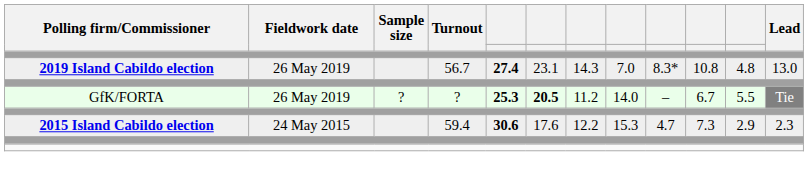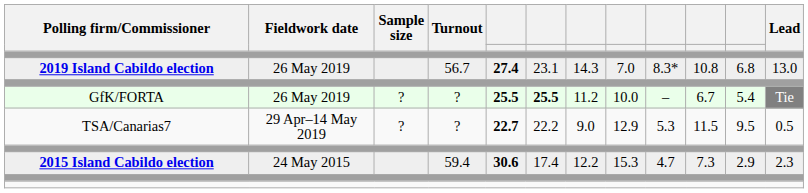 <table class="wikitable collapsible collapsed" style="text-align:center; font-size:95%; line-height:16px;">
 <tr style="height:42px;">
 <th style="width:250px;" rowspan="2">Polling firm/Commissioner</th>
 <th style="width:125px;" rowspan="2">Fieldwork date</th>
 <th style="width:50px;" rowspan="2">Sample size</th>
 <th style="width:45px;" rowspan="2">Turnout</th>
 <th style="width:35px;"></th>
 <th style="width:35px;"></th>
 <th style="width:35px;"></th>
 <th style="width:35px;"></th>
 <th style="width:35px;"></th>
 <th style="width:35px;"></th>
 <th style="width:35px;"></th>
 <th style="width:30px;" rowspan="2">Lead</th>
 </tr>
 <tr>
 <th style="color:inherit;background:"></th>
 <th style="color:inherit;background:"></th>
 <th style="color:inherit;background:"></th>
 <th style="color:inherit;background:"></th>
 <th style="color:inherit;background:"></th>
 <th style="color:inherit;background:"></th>
 <th style="color:inherit;background:"></th>
 </tr>
 <tr>
 <td colspan="12" style="background:#A0A0A0"></td>
 </tr>
 <tr style="background:#EFEFEF;">
 <td><strong><a href='#'>2019 Island Cabildo election</a></strong></td>
 <td>26 May 2019</td>
 <td></td>
 <td>56.7</td>
 <td><strong>27.4</strong><br></td>
 <td>23.1<br></td>
 <td>14.3<br></td>
 <td>7.0<br></td>
 <td>8.3*<br></td>
 <td>10.8<br></td>
-<td>4.8<br></td>
+<td>6.8<br></td>
 <td style="background:">13.0</td>
 </tr>
 <tr>
 <td colspan="12" style="background:#A0A0A0"></td>
 </tr>
 <tr style="background:#EAFFEA;">
 <td>GfK/FORTA</td>
 <td>26 May 2019</td>
 <td>?</td>
 <td>?</td>
-<td><strong>25.3</strong><br></td>
-<td><strong>20.5</strong><br></td>
+<td><strong>25.5</strong><br></td>
+<td><strong>25.5</strong><br></td>
 <td>11.2<br></td>
-<td>14.0<br></td>
+<td>10.0<br></td>
 <td>–</td>
 <td>6.7<br></td>
-<td>5.5<br></td>
+<td>5.4<br></td>
 <td style="background:gray;color:white;">Tie</td>
+</tr>
+<tr>
+<td>TSA/Canarias7</td>
+<td>29 Apr–14 May 2019</td>
+<td>?</td>
+<td>?</td>
+<td><strong>22.7</strong><br></td>
+<td>22.2<br></td>
+<td>9.0<br></td>
+<td>12.9<br></td>
+<td>5.3<br></td>
+<td>11.5<br></td>
+<td>9.5<br></td>
+<td style="background:">0.5</td>
 </tr>
 <tr>
 <td colspan="12" style="background:#A0A0A0"></td>
 </tr>
 <tr style="background:#EFEFEF;">
 <td><strong><a href='#'>2015 Island Cabildo election</a></strong></td>
 <td>24 May 2015</td>
 <td></td>
 <td>59.4</td>
 <td><strong>30.6</strong><br></td>
-<td>17.6<br></td>
+<td>17.4<br></td>
 <td>12.2<br></td>
 <td>15.3<br></td>
 <td>4.7<br></td>
 <td>7.3<br></td>
 <td>2.9<br></td>
 <td style="background:">2.3</td>
 </tr>
 <tr>
 <td colspan="12" style="background:#A0A0A0"></td>
 </tr>
 <tr>
 <td align="left" colspan="12"></td>
 </tr>
 </table>
